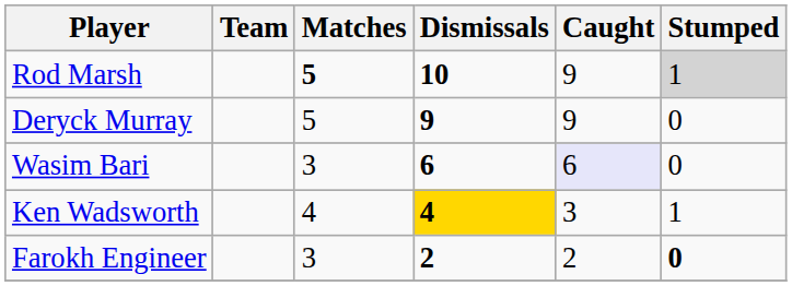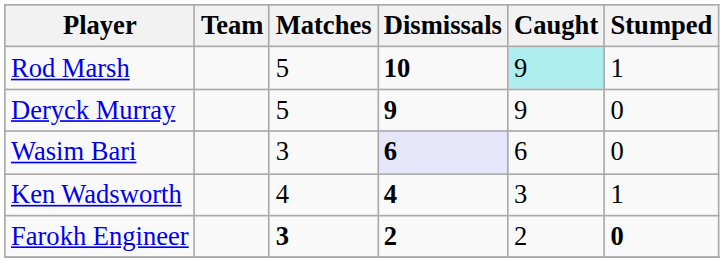 <table class="wikitable">
 <tr>
 <th>Player</th>
 <th>Team</th>
 <th>Matches</th>
 <th>Dismissals</th>
 <th>Caught</th>
 <th>Stumped</th>
 </tr>
 <tr>
 <td><a href='#'>Rod Marsh</a></td>
 <td></td>
-<td><strong>5</strong></td>
+<td>5</td>
 <td><strong>10</strong></td>
-<td>9</td>
-<td style="background: lightgrey;">1</td>
+<td style="background: paleturquoise;">9</td>
+<td>1</td>
 </tr>
 <tr>
 <td><a href='#'>Deryck Murray</a></td>
 <td></td>
 <td>5</td>
 <td><strong>9</strong></td>
 <td>9</td>
 <td>0</td>
 </tr>
 <tr>
 <td><a href='#'>Wasim Bari</a></td>
 <td></td>
 <td>3</td>
-<td><strong> 6</strong></td>
-<td style="background: lavender;">6</td>
+<td style="background: lavender;"><strong> 6</strong></td>
+<td>6</td>
 <td>0</td>
 </tr>
 <tr>
 <td><a href='#'>Ken Wadsworth</a></td>
 <td></td>
 <td>4</td>
-<td style="background: gold;"><strong>4</strong></td>
+<td><strong>4</strong></td>
 <td>3</td>
 <td>1</td>
 </tr>
 <tr>
 <td><a href='#'>Farokh Engineer</a></td>
 <td></td>
-<td>3</td>
+<td><strong>3</strong></td>
 <td><strong>2</strong></td>
 <td>2</td>
 <td><strong>0</strong></td>
 </tr>
 <tr>
 </tr>
 </table>
